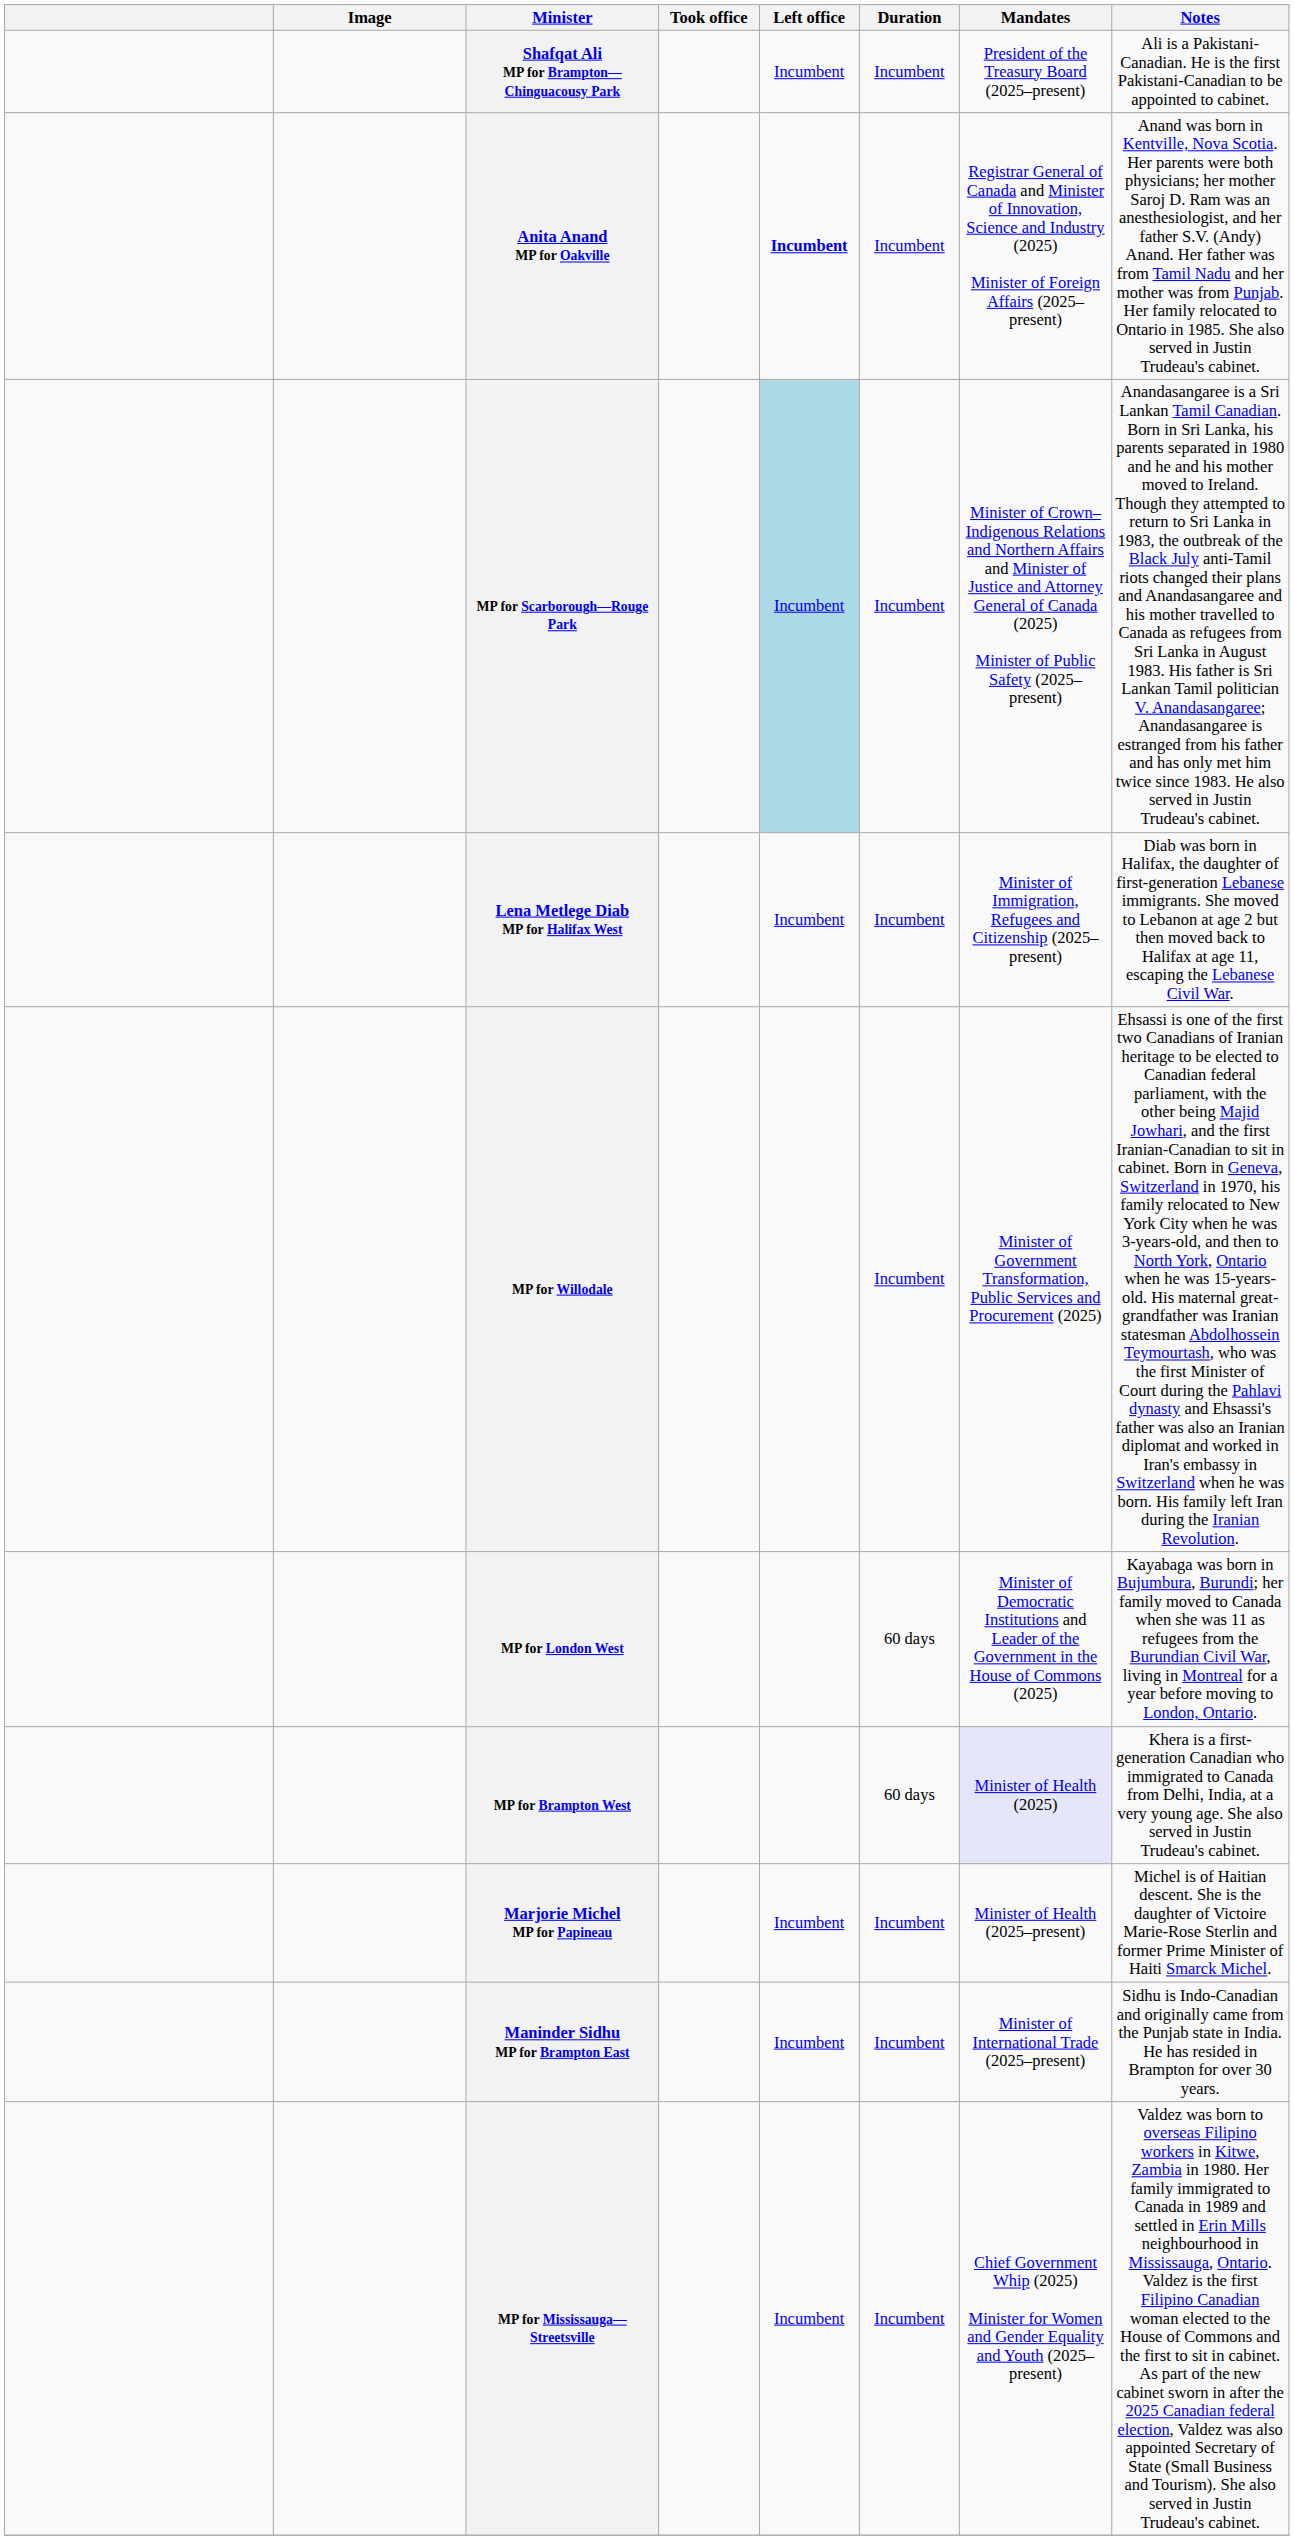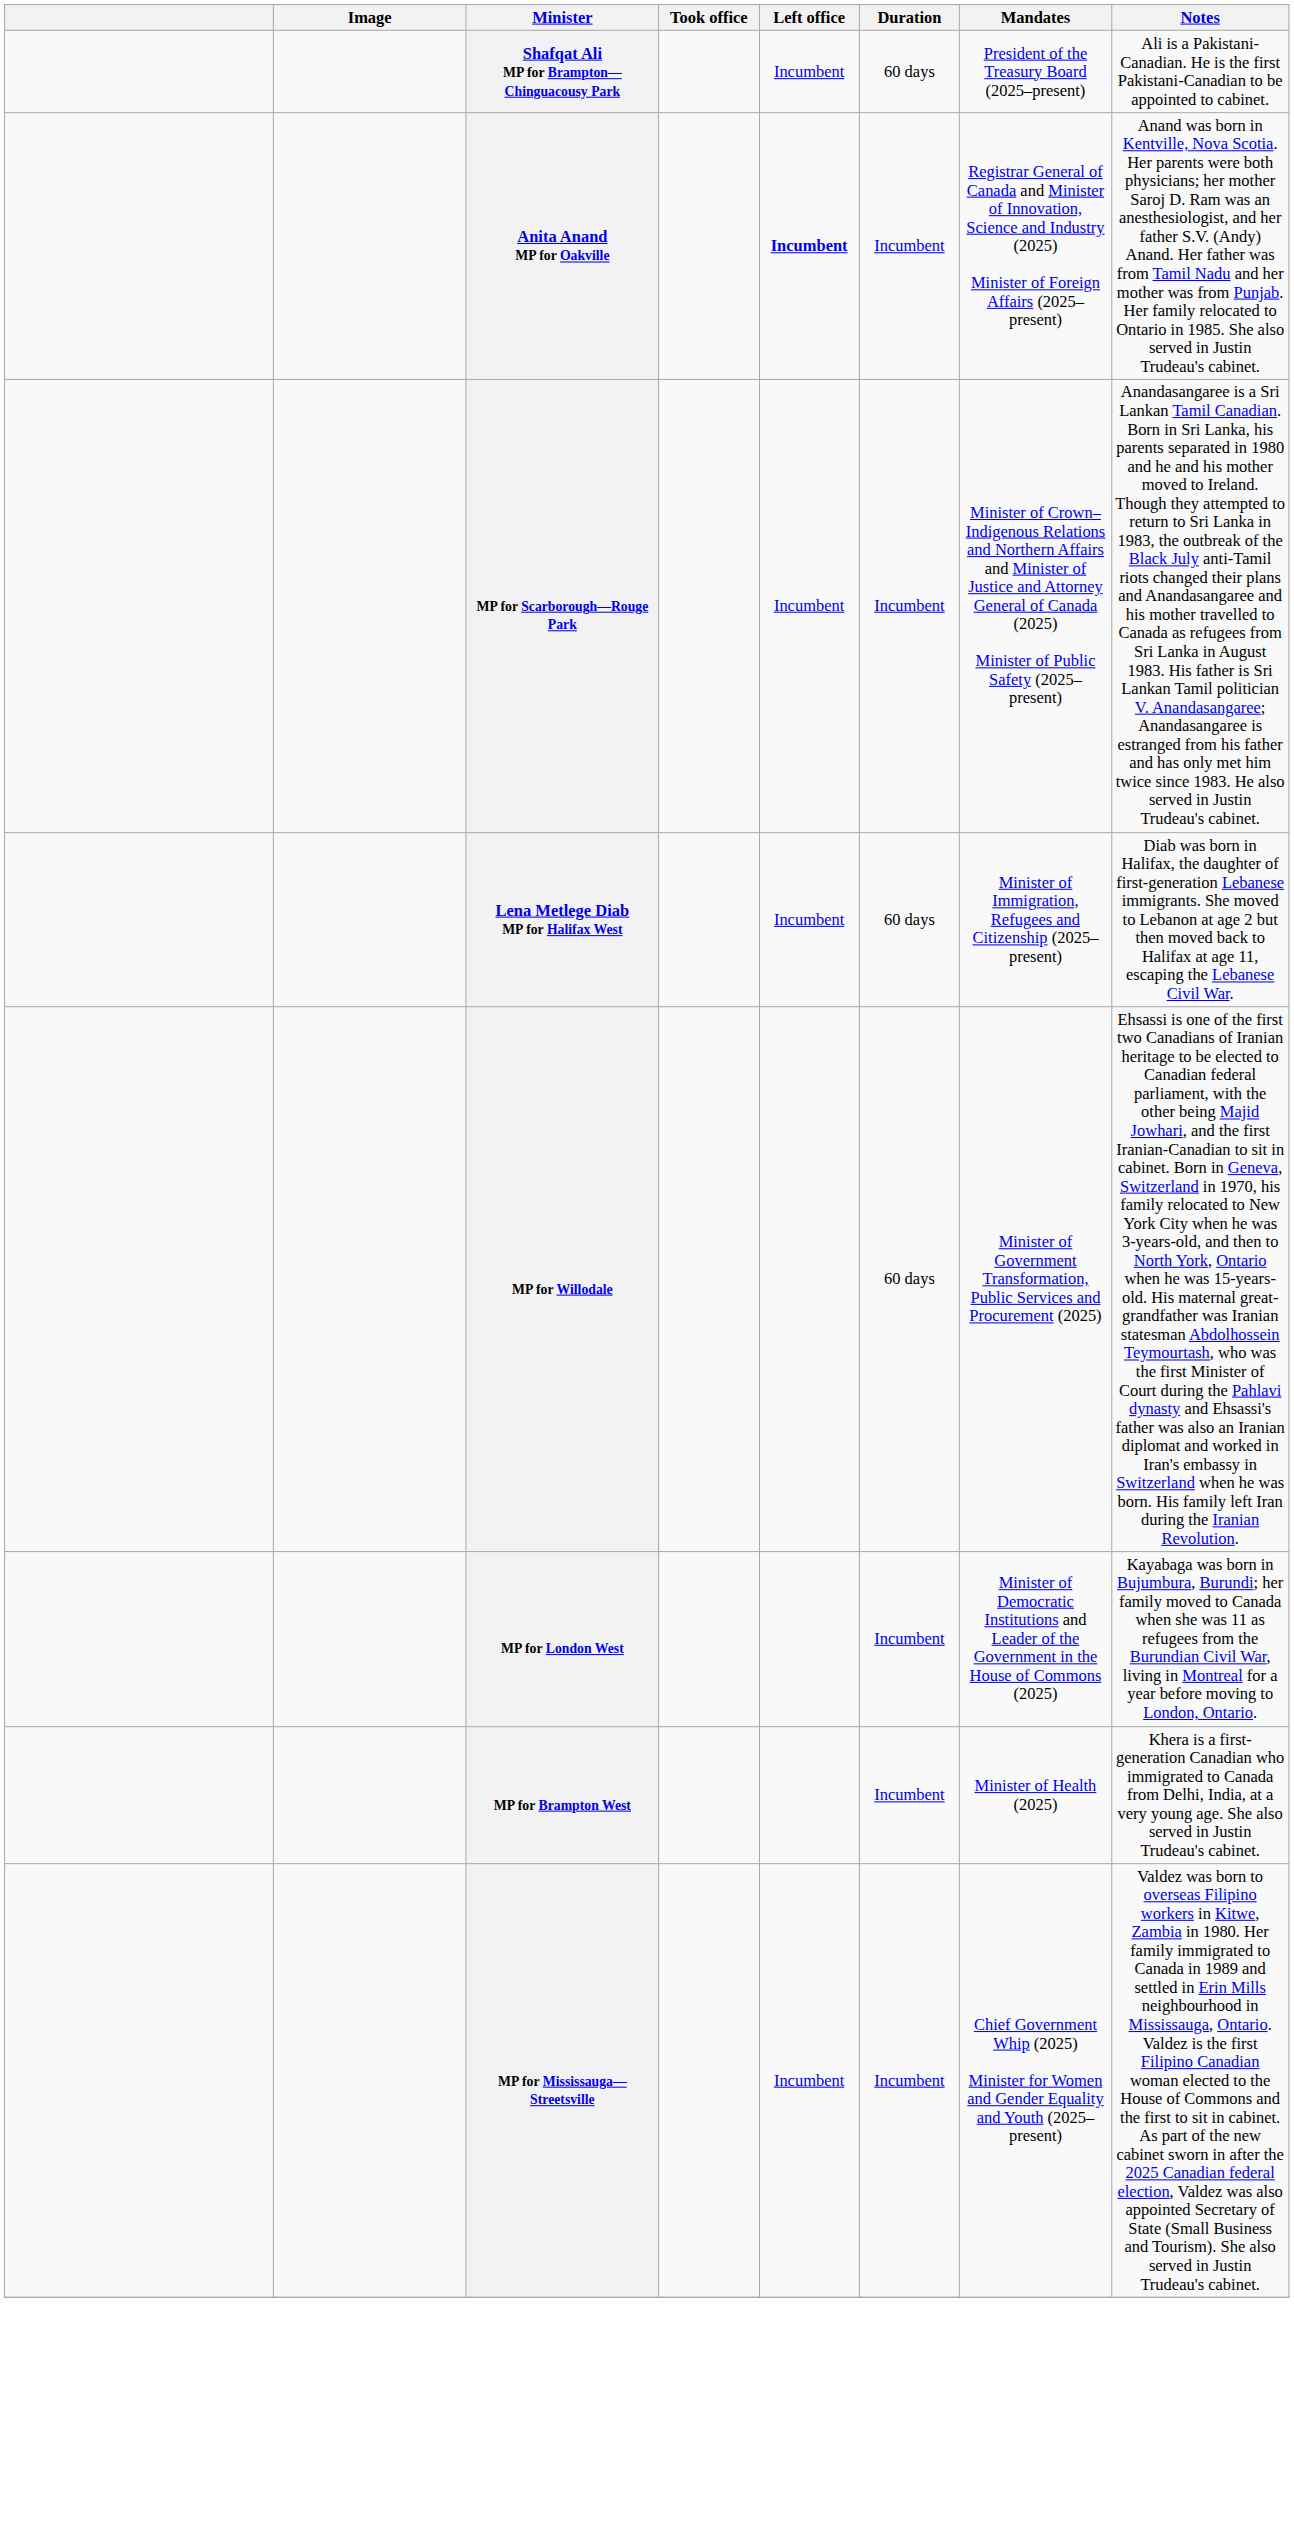 <table class="wikitable sortable plainrowheaders" style="text-align: center;">
 <tr>
 <th scope="col" class=unsortable></th>
 <th scope="col" class=unsortable>Image</th>
 <th scope="col"><a href='#'>Minister</a></th>
 <th scope="col" width=90px>Took office</th>
 <th scope="col" width=90px>Left office</th>
 <th scope="col" width=90px>Duration</th>
 <th scope="col" width=140px>Mandates</th>
 <th scope="col" width=165px><a href='#'>Notes</a></th>
 </tr>
 <tr>
 <td style="background: "></td>
 <td style="width:15%;"></td>
 <th scope="row" style="text-align:center; width:15%;"><a href='#'>Shafqat Ali</a><br><small>MP for <a href='#'>Brampton—Chinguacousy Park</a></small></th>
 <td></td>
 <td><a href='#'>Incumbent</a></td>
-<td><a href='#'>Incumbent</a></td>
+<td>60 days</td>
 <td><a href='#'>President of the Treasury Board</a> (2025–present)</td>
 <td>Ali is a Pakistani-Canadian. He is the first Pakistani-Canadian to be appointed to cabinet.</td>
 </tr>
 <tr>
 <td style="background: "></td>
 <td style="width:15%;"></td>
 <th scope="row" style="text-align:center; width:15%;"><a href='#'>Anita Anand</a><br><small>MP for <a href='#'>Oakville</a></small></th>
 <td></td>
 <td><strong><a href='#'>Incumbent</a></strong></td>
 <td><a href='#'>Incumbent</a></td>
 <td><a href='#'>Registrar General of Canada</a> and <a href='#'>Minister of Innovation, Science and Industry</a> (2025)<br><br> <a href='#'>Minister of Foreign Affairs</a> (2025–present)</td>
 <td>Anand was born in <a href='#'>Kentville, Nova Scotia</a>.  Her parents were both physicians; her mother Saroj D. Ram was an anesthesiologist, and her father S.V. (Andy) Anand.  Her father was from <a href='#'>Tamil Nadu</a> and her mother was from <a href='#'>Punjab</a>.  Her family relocated to Ontario in 1985.  She also served in Justin Trudeau's cabinet.</td>
 </tr>
 <tr>
 <td style="background: "></td>
 <td style="width:15%;"></td>
 <th scope="row" style="text-align:center; width:15%;"><br><small>MP for <a href='#'>Scarborough—Rouge Park</a></small></th>
 <td></td>
-<td style="background: lightblue;"><a href='#'>Incumbent</a></td>
+<td><a href='#'>Incumbent</a></td>
 <td><a href='#'>Incumbent</a></td>
 <td><a href='#'>Minister of Crown–Indigenous Relations and Northern Affairs</a> and <a href='#'>Minister of Justice and Attorney General of Canada</a> (2025)<br><br> <a href='#'>Minister of Public Safety</a> (2025–present)</td>
 <td>Anandasangaree is a Sri Lankan <a href='#'>Tamil Canadian</a>. Born in Sri Lanka, his parents separated in 1980 and he and his mother moved to Ireland. Though they attempted to return to Sri Lanka in 1983, the outbreak of the <a href='#'>Black July</a> anti-Tamil riots changed their plans and Anandasangaree and his mother travelled to Canada as refugees from Sri Lanka in August 1983.  His father is Sri Lankan Tamil politician <a href='#'>V. Anandasangaree</a>; Anandasangaree is estranged from his father and has only met him twice since 1983.  He also served in Justin Trudeau's cabinet.</td>
 </tr>
 <tr>
 <td style="background: "></td>
 <td style="width:15%;"></td>
 <th scope="row" style="text-align:center; width:15%;"><a href='#'>Lena Metlege Diab</a><br><small>MP for <a href='#'>Halifax West</a></small></th>
 <td></td>
 <td><a href='#'>Incumbent</a></td>
-<td><a href='#'>Incumbent</a></td>
+<td>60 days</td>
 <td><a href='#'>Minister of Immigration, Refugees and Citizenship</a> (2025–present)</td>
 <td>Diab was born in Halifax, the daughter of first-generation <a href='#'>Lebanese</a> immigrants. She moved to Lebanon at age 2 but then moved back to Halifax at age 11, escaping the <a href='#'>Lebanese Civil War</a>.</td>
 </tr>
 <tr>
 <td style="background: "></td>
 <td style="width:15%;"></td>
 <th scope="row" style="text-align:center; width:15%;"><br><small>MP for <a href='#'>Willodale</a></small></th>
 <td></td>
 <td></td>
-<td><a href='#'>Incumbent</a></td>
+<td>60 days</td>
 <td><a href='#'>Minister of Government Transformation, Public Services and Procurement</a> (2025)</td>
 <td>Ehsassi is one of the first two Canadians of Iranian heritage to be elected to Canadian federal parliament, with the other being <a href='#'>Majid Jowhari</a>, and the first Iranian-Canadian to sit in cabinet.  Born in <a href='#'>Geneva</a>, <a href='#'>Switzerland</a> in 1970, his family relocated to New York City when he was 3-years-old, and then to <a href='#'>North York</a>, <a href='#'>Ontario</a> when he was 15-years-old.  His maternal great-grandfather was Iranian statesman <a href='#'>Abdolhossein Teymourtash</a>, who was the first Minister of Court during the <a href='#'>Pahlavi dynasty</a> and Ehsassi's father was also an Iranian diplomat and worked in Iran's embassy in <a href='#'>Switzerland</a> when he was born. His family left Iran during the <a href='#'>Iranian Revolution</a>.</td>
 </tr>
 <tr>
 <td style="background: "></td>
 <td style="width:15%;"></td>
 <th scope="row" style="text-align:center; width:15%;"><br><small>MP for <a href='#'>London West</a></small></th>
 <td></td>
 <td></td>
-<td>60 days</td>
+<td><a href='#'>Incumbent</a></td>
 <td><a href='#'>Minister of Democratic Institutions</a> and <a href='#'>Leader of the Government in the House of Commons</a> (2025)</td>
 <td>Kayabaga was born in <a href='#'>Bujumbura</a>, <a href='#'>Burundi</a>; her family moved to Canada when she was 11 as refugees from the <a href='#'>Burundian Civil War</a>, living in <a href='#'>Montreal</a> for a year before moving to <a href='#'>London, Ontario</a>.</td>
 </tr>
 <tr>
 <td style="background: "></td>
 <td style="width:15%;"></td>
 <th scope="row" style="text-align:center; width:15%;"><br><small>MP for <a href='#'>Brampton West</a></small></th>
 <td></td>
 <td></td>
-<td>60 days</td>
-<td style="background: lavender;"><a href='#'>Minister of Health</a> (2025)</td>
+<td><a href='#'>Incumbent</a></td>
+<td><a href='#'>Minister of Health</a> (2025)</td>
 <td>Khera is a first-generation Canadian who immigrated to Canada from Delhi, India, at a very young age.  She also served in Justin Trudeau's cabinet.</td>
-</tr>
-<tr>
-<td style="background: "></td>
-<td style="width:15%;"></td>
-<th scope="row" style="text-align:center; width:15%;"><a href='#'>Marjorie Michel</a><br><small>MP for <a href='#'>Papineau</a></small></th>
-<td></td>
-<td><a href='#'>Incumbent</a></td>
-<td><a href='#'>Incumbent</a></td>
-<td><a href='#'>Minister of Health</a> (2025–present)</td>
-<td>Michel is of Haitian descent. She is the daughter of Victoire Marie-Rose Sterlin and former Prime Minister of Haiti <a href='#'>Smarck Michel</a>.</td>
-</tr>
-<tr>
-<td style="background: "></td>
-<td style="width:15%;"></td>
-<th scope="row" style="text-align:center; width:15%;"><a href='#'>Maninder Sidhu</a><br><small>MP for <a href='#'>Brampton East</a></small></th>
-<td></td>
-<td><a href='#'>Incumbent</a></td>
-<td><a href='#'>Incumbent</a></td>
-<td><a href='#'>Minister of International Trade</a> (2025–present)</td>
-<td>Sidhu is Indo-Canadian and originally came from the Punjab state in India.  He has resided in Brampton for over 30 years.</td>
 </tr>
 <tr>
 <td style="background: "></td>
 <td style="width:15%;"></td>
 <th scope="row" style="text-align:center; width:15%;"><br><small>MP for <a href='#'>Mississauga—Streetsville</a></small></th>
 <td></td>
 <td><a href='#'>Incumbent</a></td>
 <td><a href='#'>Incumbent</a></td>
 <td><a href='#'>Chief Government Whip</a> (2025)<br><br> <a href='#'>Minister for Women and Gender Equality and Youth</a> (2025–present)</td>
 <td>Valdez was born to <a href='#'>overseas Filipino workers</a> in <a href='#'>Kitwe</a>, <a href='#'>Zambia</a> in 1980.  Her family immigrated to Canada in 1989 and settled in <a href='#'>Erin Mills</a> neighbourhood in <a href='#'>Mississauga</a>, <a href='#'>Ontario</a>. Valdez is the first <a href='#'>Filipino Canadian</a> woman elected to the House of Commons and the first to sit in cabinet. As part of the new cabinet sworn in after the <a href='#'>2025 Canadian federal election</a>, Valdez was also appointed Secretary of State (Small Business and Tourism).  She also served in Justin Trudeau's cabinet.</td>
 </tr>
 <tr>
 </tr>
 </table>
